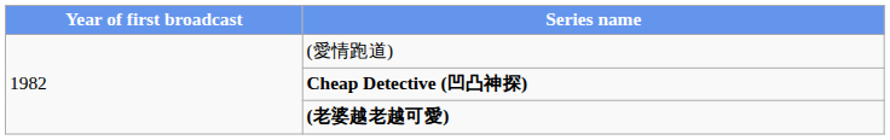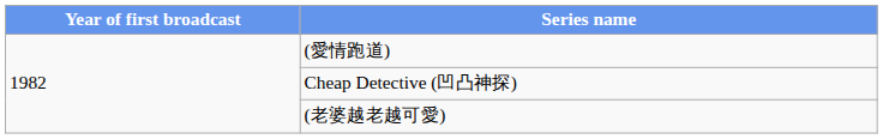 <table class="wikitable" width="60%">
 <tr style="background:cornflowerblue; color:white" align=center>
 <td style="width:7%"><strong>Year of first broadcast</strong></td>
 <td style="width:15%"><strong>Series name</strong></td>
 </tr>
 <tr>
 <td rowspan="3">1982</td>
 <td>(愛情跑道)</td>
 </tr>
 <tr>
-<td><strong>Cheap Detective (凹凸神探)</strong></td>
+<td>Cheap Detective (凹凸神探)</td>
 </tr>
 <tr>
-<td><strong>(老婆越老越可愛)</strong></td>
+<td>(老婆越老越可愛)</td>
 </tr>
 </table>
